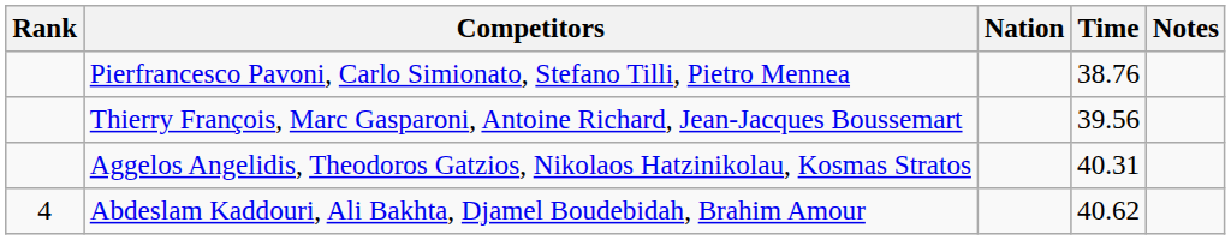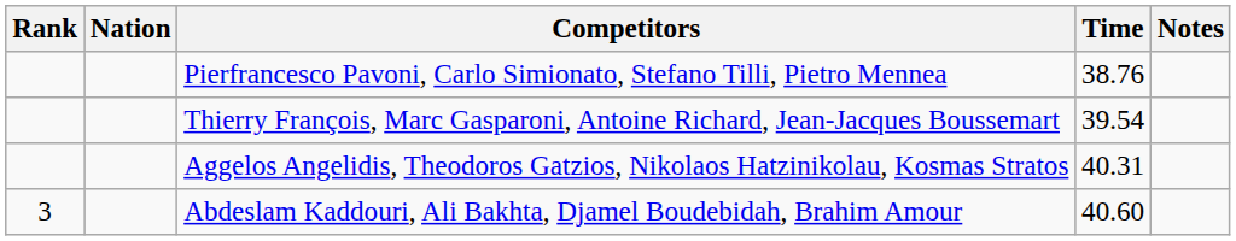 <table class="wikitable sortable" style="text-align:center; font-size:95%">
 <tr>
 <th>Rank</th>
+<th>Nation</th>
 <th>Competitors</th>
-<th>Nation</th>
 <th>Time</th>
 <th>Notes</th>
 </tr>
 <tr>
 <td></td>
+<td align=left></td>
 <td align=left><a href='#'>Pierfrancesco Pavoni</a>, <a href='#'>Carlo Simionato</a>, <a href='#'>Stefano Tilli</a>, <a href='#'>Pietro Mennea</a></td>
-<td align=left></td>
 <td>38.76</td>
 <td></td>
 </tr>
 <tr>
 <td></td>
+<td align=left></td>
 <td align=left><a href='#'>Thierry François</a>, <a href='#'>Marc Gasparoni</a>, <a href='#'>Antoine Richard</a>, <a href='#'>Jean-Jacques Boussemart</a></td>
-<td align=left></td>
-<td>39.56</td>
+<td>39.54</td>
 <td></td>
 </tr>
 <tr>
 <td></td>
+<td align=left></td>
 <td align=left><a href='#'>Aggelos Angelidis</a>, <a href='#'>Theodoros Gatzios</a>, <a href='#'>Nikolaos Hatzinikolau</a>, <a href='#'>Kosmas Stratos</a></td>
-<td align=left></td>
 <td>40.31</td>
 <td></td>
 </tr>
 <tr>
-<td>4</td>
+<td>3</td>
+<td align=left></td>
 <td align=left><a href='#'>Abdeslam Kaddouri</a>, <a href='#'>Ali Bakhta</a>, <a href='#'>Djamel Boudebidah</a>, <a href='#'>Brahim Amour</a></td>
-<td align=left></td>
-<td>40.62</td>
+<td>40.60</td>
 <td></td>
 </tr>
 </table>
